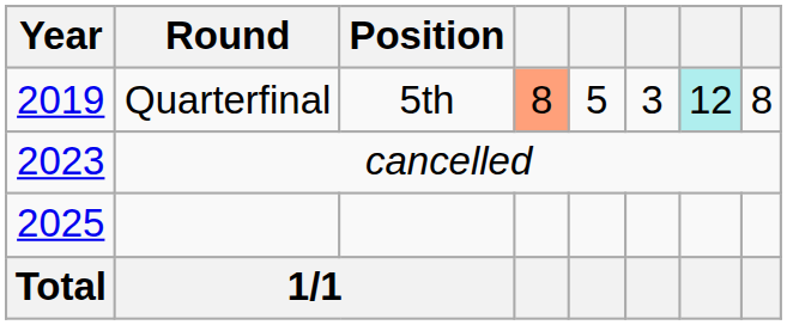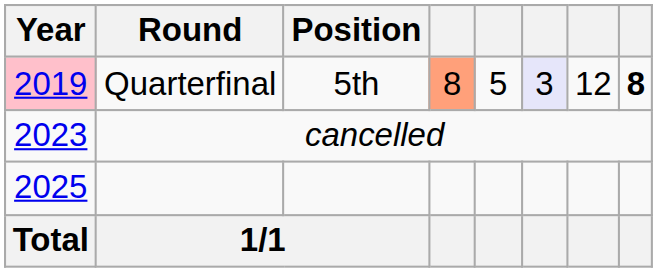 <table class="wikitable" style="text-align: center;">
 <tr>
 <th>Year</th>
 <th>Round</th>
 <th>Position</th>
 <th width="15"></th>
 <th width="15"></th>
 <th width="15"></th>
 <th></th>
 <th></th>
 </tr>
 <tr>
-<td> <a href='#'>2019</a></td>
+<td style="background: pink;"> <a href='#'>2019</a></td>
 <td>Quarterfinal</td>
 <td>5th</td>
 <td style="background: lightsalmon;">8</td>
 <td>5</td>
-<td>3</td>
-<td style="background: paleturquoise;">12</td>
-<td>8</td>
+<td style="background: lavender;">3</td>
+<td>12</td>
+<td><strong>8</strong></td>
 </tr>
 <tr>
 <td> <a href='#'>2023</a></td>
 <td align=center colspan=7><em>cancelled</em></td>
 </tr>
 <tr>
 <td> <a href='#'>2025</a></td>
 <td></td>
 <td></td>
 <td></td>
 <td></td>
 <td></td>
 <td></td>
 <td></td>
 </tr>
 <tr>
 <th>Total</th>
 <th colspan="2">1/1</th>
 <th></th>
 <th></th>
 <th></th>
 <th></th>
 <th></th>
 </tr>
 </table>
